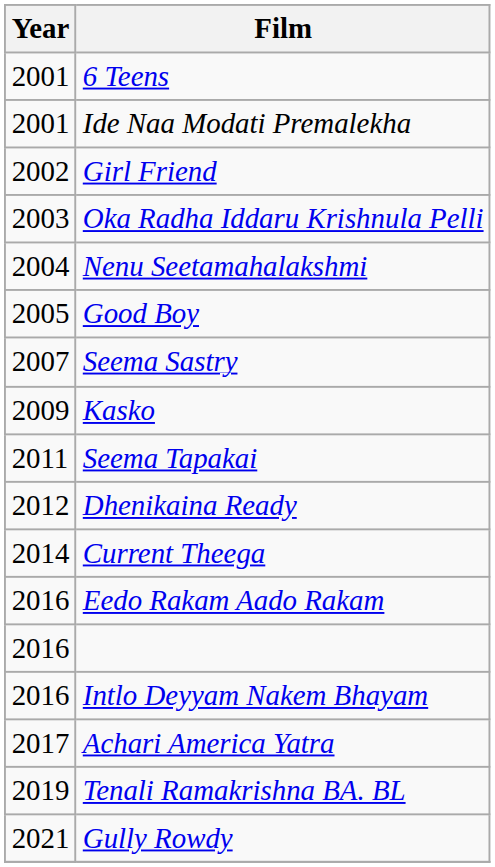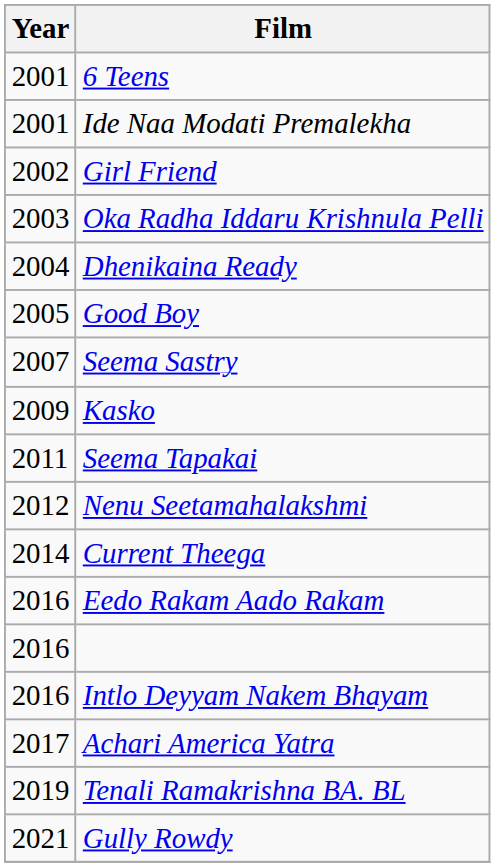 <table class="wikitable" style="font-size: 95%;">
 <tr>
 <th>Year</th>
 <th>Film</th>
 </tr>
 <tr>
 <td>2001</td>
 <td><em><a href='#'>6 Teens</a></em></td>
 </tr>
 <tr>
 <td>2001</td>
 <td><em>Ide Naa Modati Premalekha </em></td>
 </tr>
 <tr>
 <td>2002</td>
 <td><em><a href='#'>Girl Friend</a></em></td>
 </tr>
 <tr>
 <td>2003</td>
 <td><em><a href='#'>Oka Radha Iddaru Krishnula Pelli</a> </em></td>
 </tr>
 <tr>
 <td>2004</td>
-<td><em><a href='#'>Nenu Seetamahalakshmi</a></em></td>
+<td><em><a href='#'>Dhenikaina Ready</a> </em></td>
 </tr>
 <tr>
 <td>2005</td>
 <td><em><a href='#'>Good Boy</a></em></td>
 </tr>
 <tr>
 <td>2007</td>
 <td><em><a href='#'>Seema Sastry</a></em></td>
 </tr>
 <tr>
 <td>2009</td>
 <td><em><a href='#'>Kasko</a></em></td>
 </tr>
 <tr>
 <td>2011</td>
 <td><em><a href='#'>Seema Tapakai</a> </em></td>
 </tr>
 <tr>
 <td>2012</td>
-<td><em><a href='#'>Dhenikaina Ready</a> </em></td>
+<td><em><a href='#'>Nenu Seetamahalakshmi</a></em></td>
 </tr>
 <tr>
 <td>2014</td>
 <td><em><a href='#'>Current Theega</a></em></td>
 </tr>
 <tr>
 <td>2016</td>
 <td><em><a href='#'>Eedo Rakam Aado Rakam</a></em></td>
 </tr>
 <tr>
 <td>2016</td>
 <td></td>
 </tr>
 <tr>
 <td>2016</td>
 <td><em><a href='#'>Intlo Deyyam Nakem Bhayam</a></em></td>
 </tr>
 <tr>
 <td>2017</td>
 <td><em><a href='#'>Achari America Yatra</a></em></td>
 </tr>
 <tr>
 <td>2019</td>
 <td><em><a href='#'>Tenali Ramakrishna BA. BL</a></em></td>
 </tr>
 <tr>
 <td>2021</td>
 <td><em><a href='#'>Gully Rowdy</a></em></td>
 </tr>
 <tr>
 </tr>
 </table>
